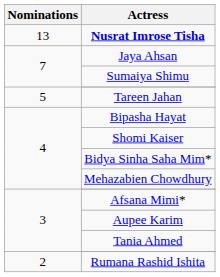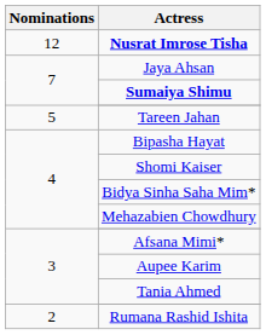 <table class="wikitable" rowspan=2 style="text-align: center;">
 <tr>
 <th scope="col" width="55">Nominations</th>
 <th scope="col" align="center">Actress</th>
 </tr>
 <tr>
-<td rowspan="1" style="text-align:center;">13</td>
+<td rowspan="1" style="text-align:center;">12</td>
 <td><strong><a href='#'>Nusrat Imrose Tisha</a></strong></td>
 </tr>
 <tr>
 <td rowspan="2" style="text-align:center;">7</td>
 <td><a href='#'>Jaya Ahsan</a></td>
 </tr>
 <tr>
-<td><a href='#'>Sumaiya Shimu</a></td>
+<td><strong><a href='#'>Sumaiya Shimu</a></strong></td>
 </tr>
 <tr>
 <td rowspan="2" style="text-align:center;">5</td>
 </tr>
 <tr>
 <td><a href='#'>Tareen Jahan</a></td>
 </tr>
 <tr>
 <td rowspan="4" style="text-align:center;">4</td>
 <td><a href='#'>Bipasha Hayat</a></td>
 </tr>
 <tr>
 <td><a href='#'>Shomi Kaiser</a></td>
 </tr>
 <tr>
 <td><a href='#'>Bidya Sinha Saha Mim</a>*</td>
 </tr>
 <tr>
 <td><a href='#'>Mehazabien Chowdhury</a></td>
 </tr>
 <tr>
 <td rowspan="4" style="text-align:center;">3</td>
 </tr>
 <tr>
 <td><a href='#'>Afsana Mimi</a>*</td>
 </tr>
 <tr>
 <td><a href='#'>Aupee Karim</a></td>
 </tr>
 <tr>
 <td><a href='#'>Tania Ahmed</a></td>
 </tr>
 <tr>
 <td rowspan="2" style="text-align:center;">2</td>
 </tr>
 <tr>
 <td><a href='#'>Rumana Rashid Ishita</a></td>
 </tr>
 </table>
